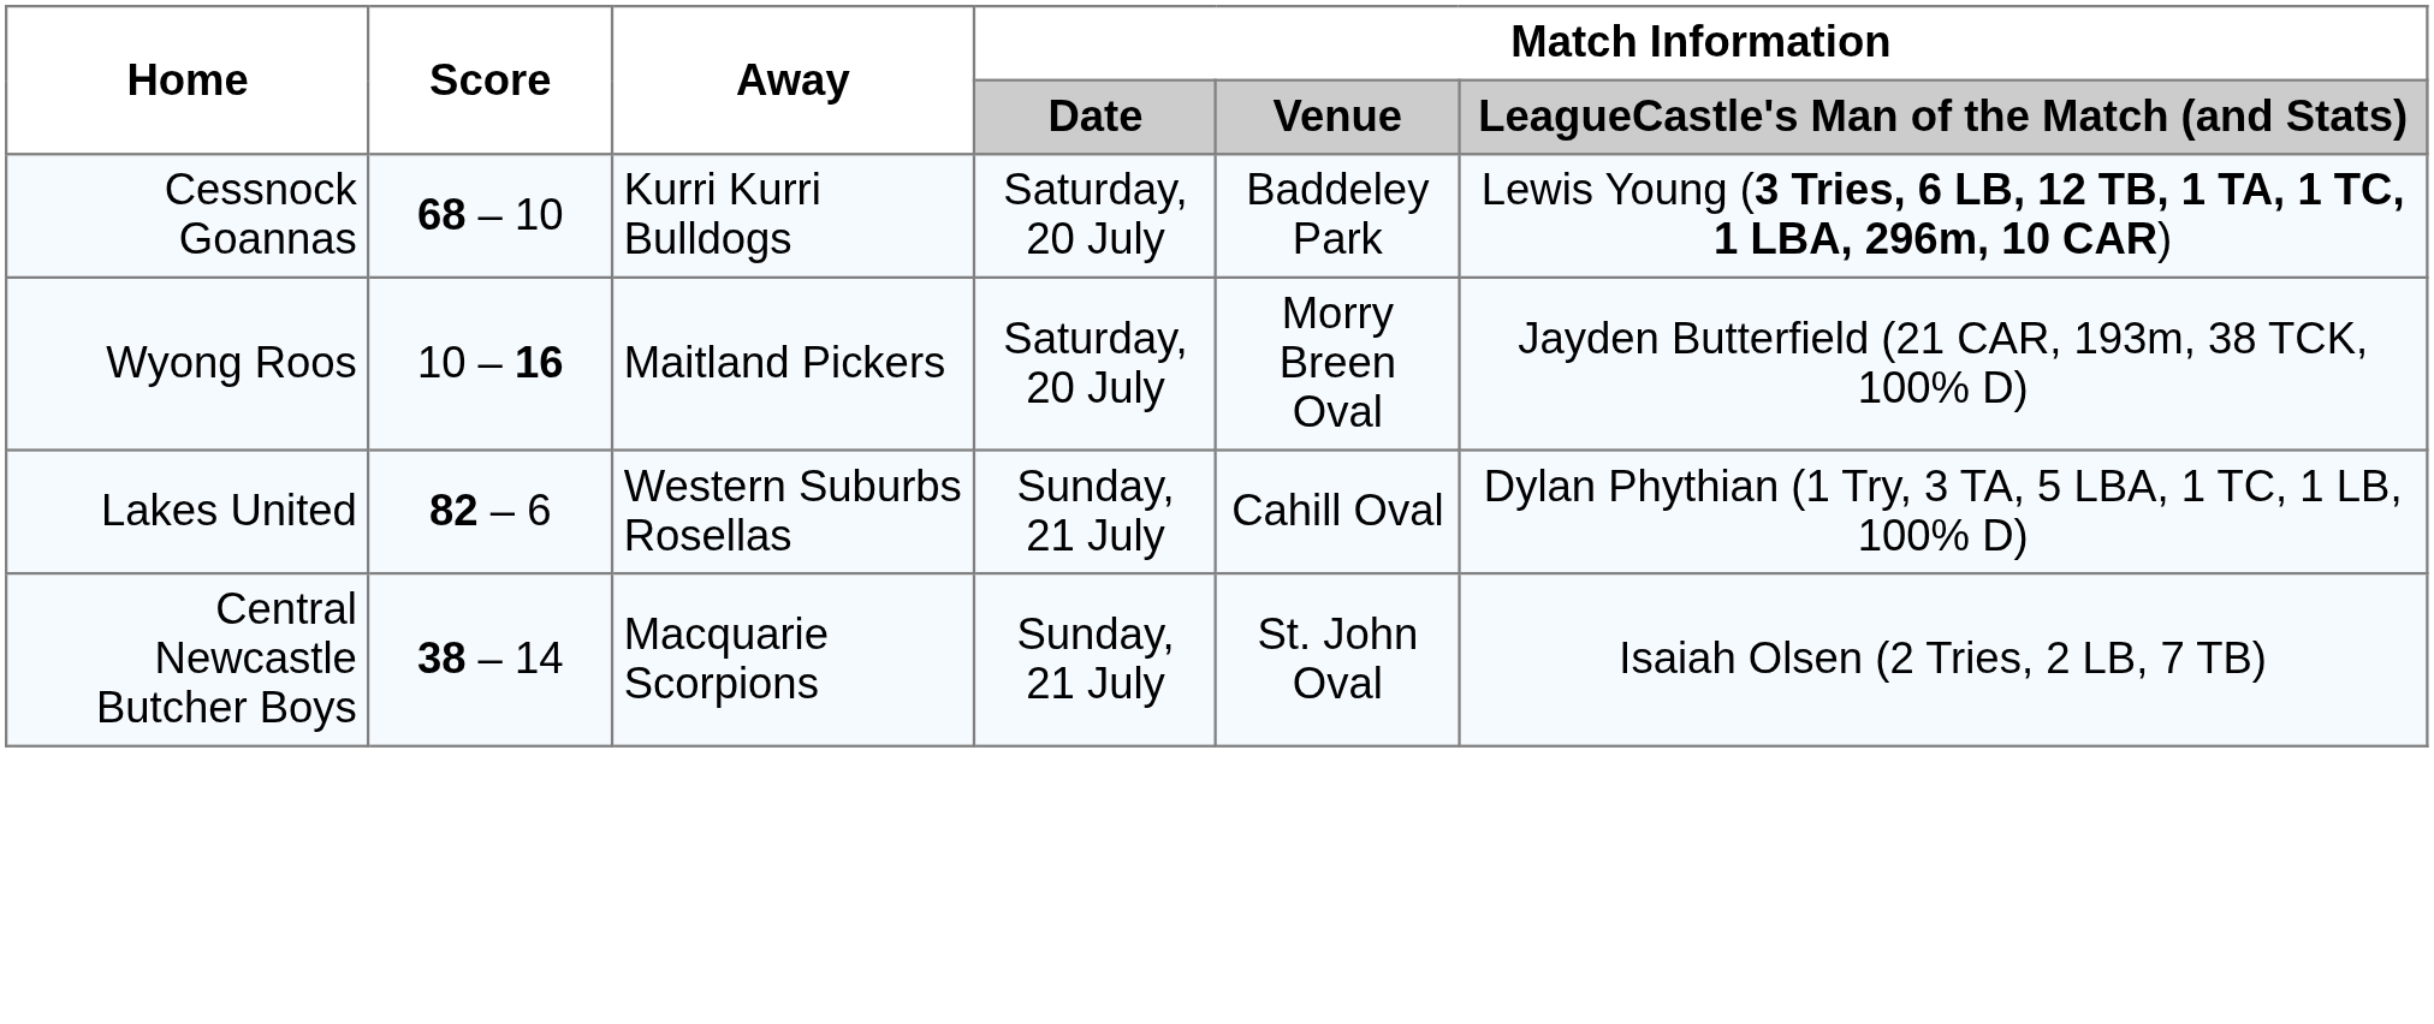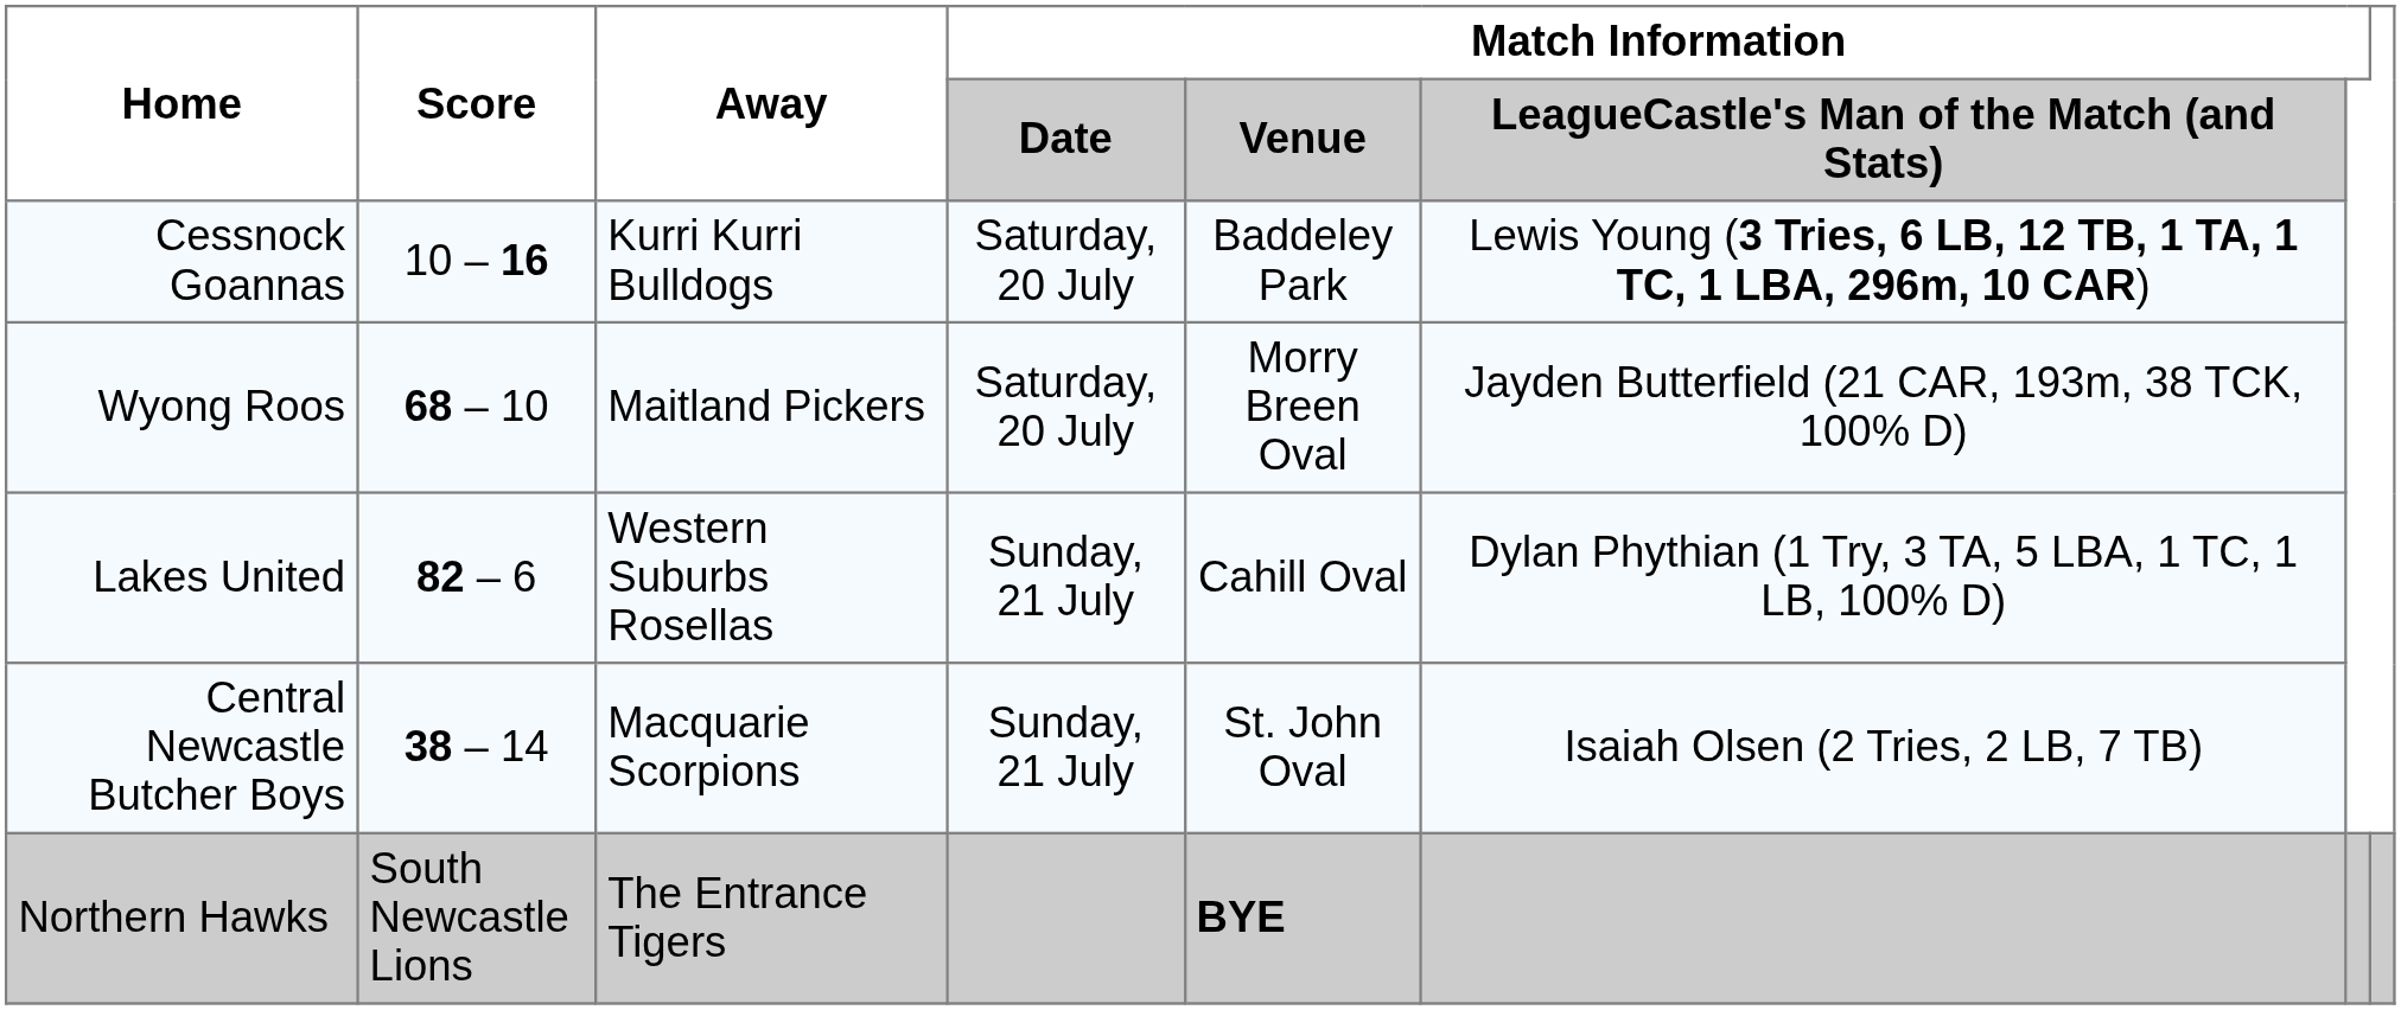 <table width="100%" cellspacing="0" cellpadding="4" border="1" style="border-collapse:collapse;  text-align:center;">
 <tr>
 <th rowspan="2" width="15%">Home</th>
 <th rowspan="2" width="10%">Score</th>
 <th rowspan="2" width="15%">Away</th>
 <th colspan="4">Match Information</th>
 </tr>
 <tr style="background:#CCCCCC">
 <th width="10%">Date</th>
 <th width="10%">Venue</th>
 <th width="40%">LeagueCastle's Man of the Match (and Stats)</th>
 </tr>
 <tr style="text-align:center; background:#f5faff;">
 <td align="right"> Cessnock Goannas</td>
-<td><strong>68</strong> – 10</td>
+<td>10 – <strong>16</strong></td>
 <td align="left"> Kurri Kurri Bulldogs</td>
 <td>Saturday, 20 July</td>
 <td>Baddeley Park</td>
 <td>Lewis Young  (<strong>3 Tries, 6 LB, 12 TB, 1 TA, 1 TC, 1 LBA, 296m, 10 CAR</strong>)</td>
 </tr>
 <tr style="text-align:center; background:#f5faff;">
 <td align="right"> Wyong Roos</td>
-<td>10 – <strong>16</strong></td>
+<td><strong>68</strong> – 10</td>
 <td align="left"> Maitland Pickers</td>
 <td>Saturday, 20 July</td>
 <td>Morry Breen Oval</td>
 <td>Jayden Butterfield  (21 CAR, 193m, 38 TCK, 100% D)</td>
 </tr>
 <tr style="text-align:center; background:#f5faff;">
 <td align="right"> Lakes United</td>
 <td><strong>82</strong> – 6</td>
 <td align="left"> Western Suburbs Rosellas</td>
 <td>Sunday, 21 July</td>
 <td>Cahill Oval</td>
 <td>Dylan Phythian  (1 Try, 3 TA, 5 LBA, 1 TC, 1 LB, 100% D)</td>
 </tr>
 <tr style="text-align:center; background:#f5faff;">
 <td align="right"> Central Newcastle Butcher Boys</td>
 <td><strong>38</strong> – 14</td>
 <td align="left"> Macquarie Scorpions</td>
 <td>Sunday, 21 July</td>
 <td>St. John Oval</td>
 <td>Isaiah Olsen  (2 Tries, 2 LB, 7 TB)</td>
 </tr>
+<tr style="text-align:center; background:#CCCCCC;">
+<td align="left"> Northern Hawks</td>
+<td align="left"> South Newcastle Lions</td>
+<td align="left"> The Entrance Tigers</td>
+<td></td>
+<td align="left"><strong>BYE</strong></td>
+<td></td>
+<td></td>
+<td></td>
+</tr>
 </table>
